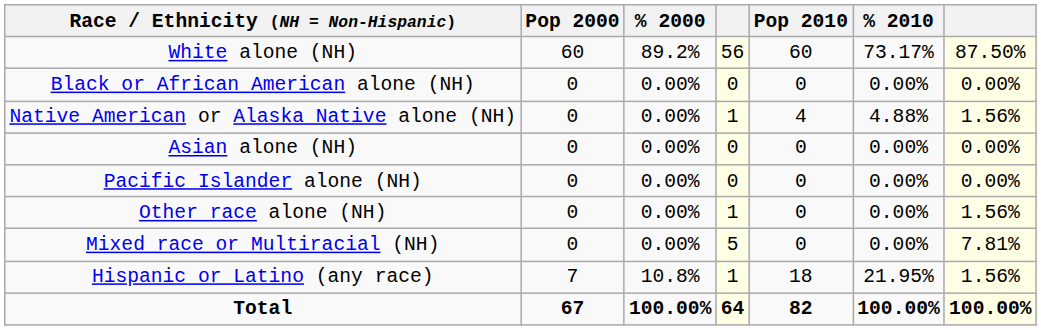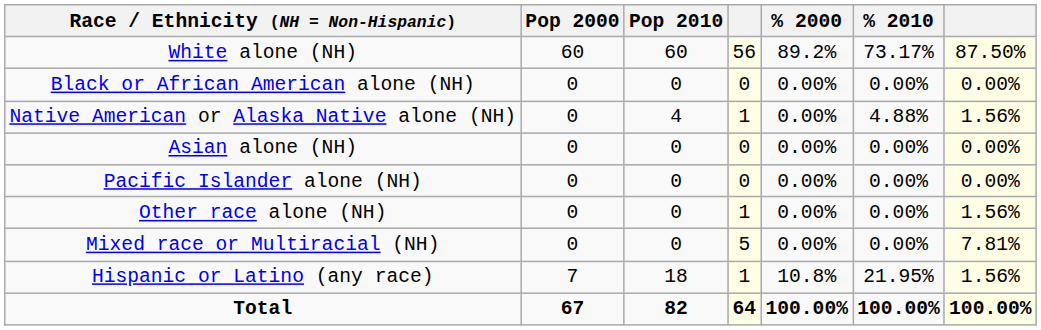 <table class="wikitable" style="text-align:center;">
 <tr>
 <th>Race / Ethnicity <small>(<em>NH = Non-Hispanic</em>)</small></th>
 <th>Pop 2000</th>
+<th>Pop 2010</th>
+<th></th>
 <th>% 2000</th>
-<th></th>
-<th>Pop 2010</th>
 <th>% 2010</th>
 <th></th>
 </tr>
 <tr>
 <td><a href='#'>White</a> alone (NH)</td>
 <td>60</td>
+<td>60</td>
+<td style='background: #ffffe6;'>56</td>
 <td>89.2%</td>
-<td style='background: #ffffe6;'>56</td>
-<td>60</td>
 <td>73.17%</td>
 <td style='background: #ffffe6;'>87.50%</td>
 </tr>
 <tr>
 <td><a href='#'>Black or African American</a> alone (NH)</td>
 <td>0</td>
+<td>0</td>
+<td style='background: #ffffe6;'>0</td>
 <td>0.00%</td>
-<td style='background: #ffffe6;'>0</td>
-<td>0</td>
 <td>0.00%</td>
 <td style='background: #ffffe6;'>0.00%</td>
 </tr>
 <tr>
 <td><a href='#'>Native American</a> or <a href='#'>Alaska Native</a> alone (NH)</td>
 <td>0</td>
+<td>4</td>
+<td style='background: #ffffe6;'>1</td>
 <td>0.00%</td>
-<td style='background: #ffffe6;'>1</td>
-<td>4</td>
 <td>4.88%</td>
 <td style='background: #ffffe6;'>1.56%</td>
 </tr>
 <tr>
 <td><a href='#'>Asian</a> alone (NH)</td>
 <td>0</td>
+<td>0</td>
+<td style='background: #ffffe6;'>0</td>
 <td>0.00%</td>
-<td style='background: #ffffe6;'>0</td>
-<td>0</td>
 <td>0.00%</td>
 <td style='background: #ffffe6;'>0.00%</td>
 </tr>
 <tr>
 <td><a href='#'>Pacific Islander</a> alone (NH)</td>
 <td>0</td>
+<td>0</td>
+<td style='background: #ffffe6;'>0</td>
 <td>0.00%</td>
-<td style='background: #ffffe6;'>0</td>
-<td>0</td>
 <td>0.00%</td>
 <td style='background: #ffffe6;'>0.00%</td>
 </tr>
 <tr>
 <td><a href='#'>Other race</a> alone (NH)</td>
 <td>0</td>
+<td>0</td>
+<td style='background: #ffffe6;'>1</td>
 <td>0.00%</td>
-<td style='background: #ffffe6;'>1</td>
-<td>0</td>
 <td>0.00%</td>
 <td style='background: #ffffe6;'>1.56%</td>
 </tr>
 <tr>
 <td><a href='#'>Mixed race or Multiracial</a> (NH)</td>
 <td>0</td>
+<td>0</td>
+<td style='background: #ffffe6;'>5</td>
 <td>0.00%</td>
-<td style='background: #ffffe6;'>5</td>
-<td>0</td>
 <td>0.00%</td>
 <td style='background: #ffffe6;'>7.81%</td>
 </tr>
 <tr>
 <td><a href='#'>Hispanic or Latino</a> (any race)</td>
 <td>7</td>
+<td>18</td>
+<td style='background: #ffffe6;'>1</td>
 <td>10.8%</td>
-<td style='background: #ffffe6;'>1</td>
-<td>18</td>
 <td>21.95%</td>
 <td style='background: #ffffe6;'>1.56%</td>
 </tr>
 <tr>
 <td><strong>Total</strong></td>
 <td><strong>67</strong></td>
+<td><strong>82</strong></td>
+<td style='background: #ffffe6;'><strong>64</strong></td>
 <td><strong>100.00%</strong></td>
-<td style='background: #ffffe6;'><strong>64</strong></td>
-<td><strong>82</strong></td>
 <td><strong>100.00%</strong></td>
 <td style='background: #ffffe6;'><strong>100.00%</strong></td>
 </tr>
 </table>
